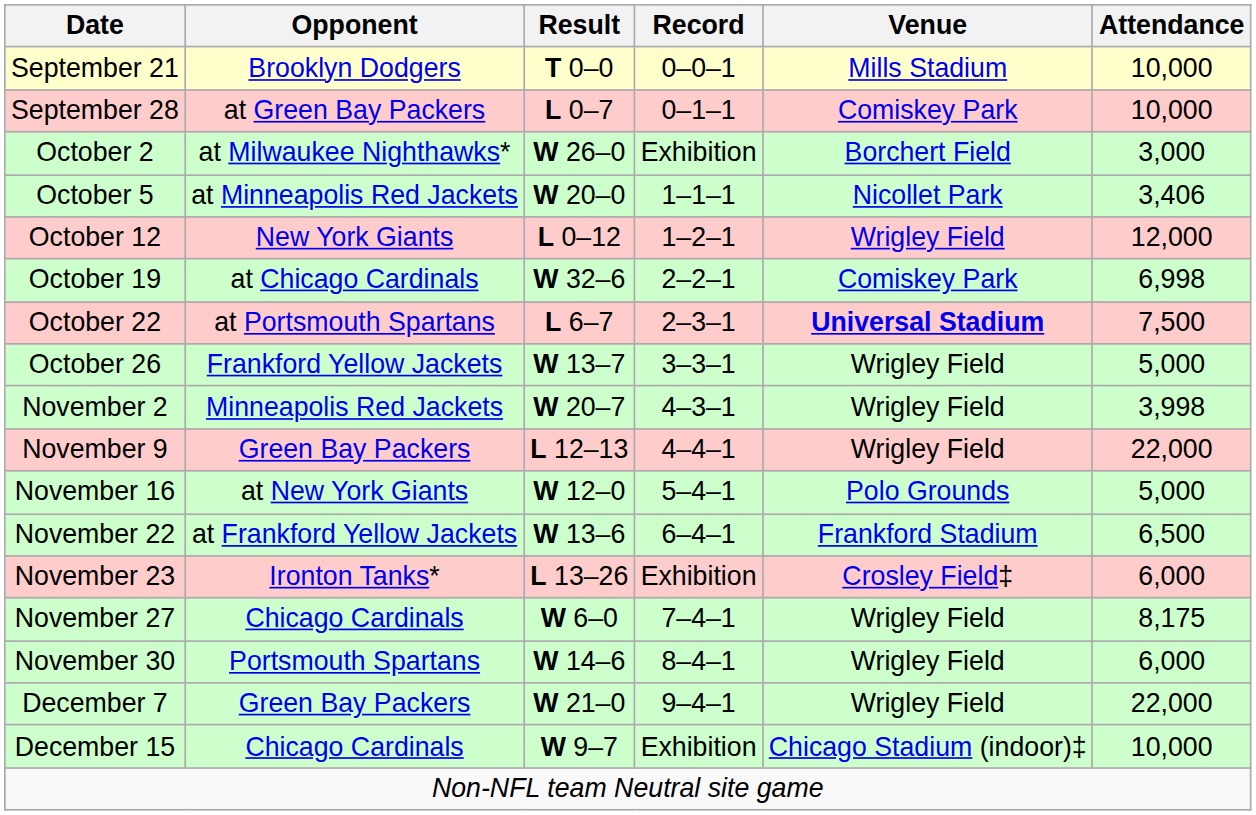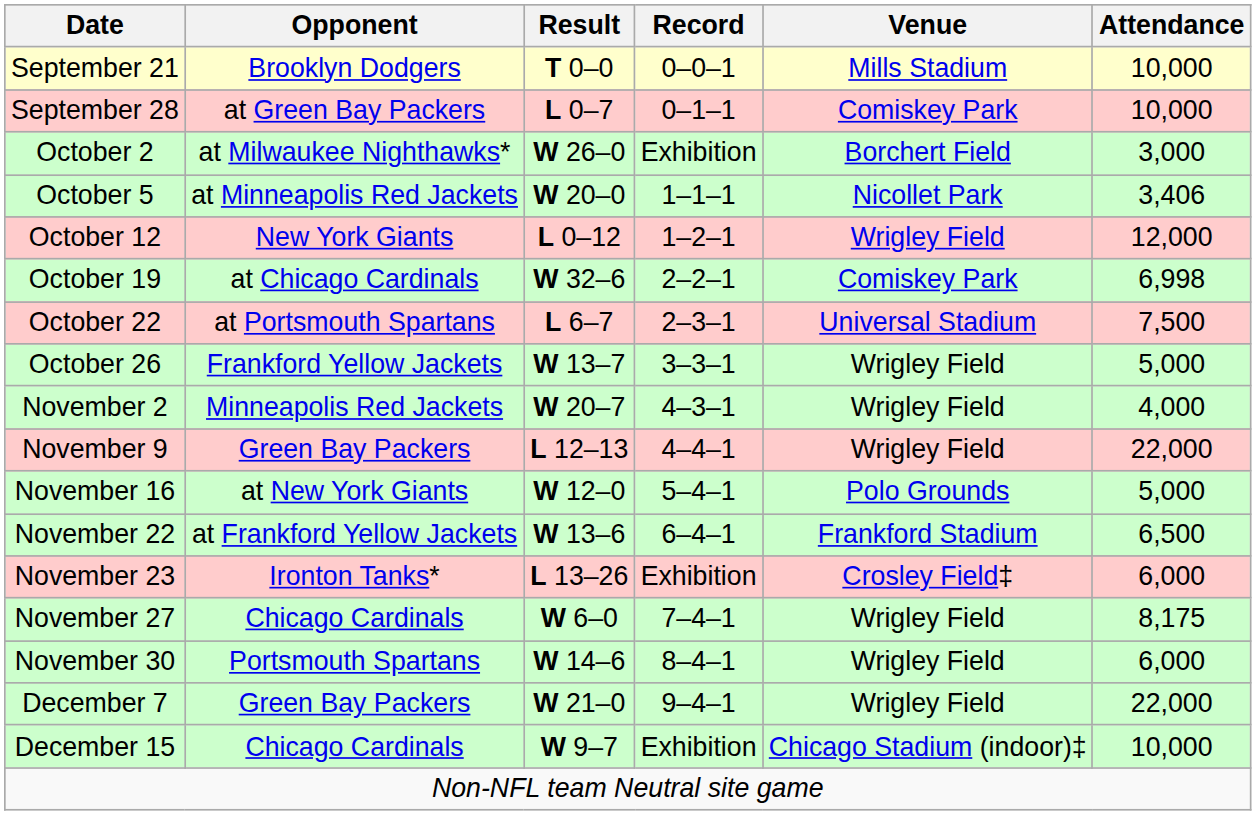 <table class="wikitable" style="text-align:center">
 <tr>
 <th>Date</th>
 <th>Opponent</th>
 <th>Result</th>
 <th>Record</th>
 <th>Venue</th>
 <th>Attendance</th>
 </tr>
 <tr style="background:#ffc">
 <td>September 21</td>
 <td><a href='#'>Brooklyn Dodgers</a></td>
 <td><strong>T</strong> 0–0</td>
 <td>0–0–1</td>
 <td><a href='#'>Mills Stadium</a></td>
 <td>10,000</td>
 </tr>
 <tr style="background:#fcc">
 <td>September 28</td>
 <td>at <a href='#'>Green Bay Packers</a></td>
 <td><strong>L</strong> 0–7</td>
 <td>0–1–1</td>
 <td><a href='#'>Comiskey Park</a></td>
 <td>10,000</td>
 </tr>
 <tr style="background:#cfc">
 <td>October 2</td>
 <td>at <a href='#'>Milwaukee Nighthawks</a>*</td>
 <td><strong>W</strong> 26–0</td>
 <td>Exhibition</td>
 <td><a href='#'>Borchert Field</a></td>
 <td>3,000</td>
 </tr>
 <tr style="background:#cfc">
 <td>October 5</td>
 <td>at <a href='#'>Minneapolis Red Jackets</a></td>
 <td><strong>W</strong> 20–0</td>
 <td>1–1–1</td>
 <td><a href='#'>Nicollet Park</a></td>
 <td>3,406</td>
 </tr>
 <tr style="background:#fcc">
 <td>October 12</td>
 <td><a href='#'>New York Giants</a></td>
 <td><strong>L</strong> 0–12</td>
 <td>1–2–1</td>
 <td><a href='#'>Wrigley Field</a></td>
 <td>12,000</td>
 </tr>
 <tr style="background:#cfc">
 <td>October 19</td>
 <td>at <a href='#'>Chicago Cardinals</a></td>
 <td><strong>W</strong> 32–6</td>
 <td>2–2–1</td>
 <td><a href='#'>Comiskey Park</a></td>
 <td>6,998</td>
 </tr>
 <tr style="background:#fcc">
 <td>October 22</td>
 <td>at <a href='#'>Portsmouth Spartans</a></td>
 <td><strong>L</strong> 6–7</td>
 <td>2–3–1</td>
-<td><strong><a href='#'>Universal Stadium</a></strong></td>
+<td><a href='#'>Universal Stadium</a></td>
 <td>7,500</td>
 </tr>
 <tr style="background:#cfc">
 <td>October 26</td>
 <td><a href='#'>Frankford Yellow Jackets</a></td>
 <td><strong>W</strong> 13–7</td>
 <td>3–3–1</td>
 <td>Wrigley Field</td>
 <td>5,000</td>
 </tr>
 <tr style="background:#cfc">
 <td>November 2</td>
 <td><a href='#'>Minneapolis Red Jackets</a></td>
 <td><strong>W</strong> 20–7</td>
 <td>4–3–1</td>
 <td>Wrigley Field</td>
-<td>3,998</td>
+<td>4,000</td>
 </tr>
 <tr style="background:#fcc">
 <td>November 9</td>
 <td><a href='#'>Green Bay Packers</a></td>
 <td><strong>L</strong> 12–13</td>
 <td>4–4–1</td>
 <td>Wrigley Field</td>
 <td>22,000</td>
 </tr>
 <tr style="background:#cfc">
 <td>November 16</td>
 <td>at <a href='#'>New York Giants</a></td>
 <td><strong>W</strong> 12–0</td>
 <td>5–4–1</td>
 <td><a href='#'>Polo Grounds</a></td>
 <td>5,000</td>
 </tr>
 <tr style="background:#cfc">
 <td>November 22</td>
 <td>at <a href='#'>Frankford Yellow Jackets</a></td>
 <td><strong>W</strong> 13–6</td>
 <td>6–4–1</td>
 <td><a href='#'>Frankford Stadium</a></td>
 <td>6,500</td>
 </tr>
 <tr style="background:#fcc">
 <td>November 23</td>
 <td><a href='#'>Ironton Tanks</a>*</td>
 <td><strong>L</strong> 13–26</td>
 <td>Exhibition</td>
 <td><a href='#'>Crosley Field</a>‡</td>
 <td>6,000</td>
 </tr>
 <tr style="background:#cfc">
 <td>November 27</td>
 <td><a href='#'>Chicago Cardinals</a></td>
 <td><strong>W</strong> 6–0</td>
 <td>7–4–1</td>
 <td>Wrigley Field</td>
 <td>8,175</td>
 </tr>
 <tr style="background:#cfc">
 <td>November 30</td>
 <td><a href='#'>Portsmouth Spartans</a></td>
 <td><strong>W</strong> 14–6</td>
 <td>8–4–1</td>
 <td>Wrigley Field</td>
 <td>6,000</td>
 </tr>
 <tr style="background:#cfc">
 <td>December 7</td>
 <td><a href='#'>Green Bay Packers</a></td>
 <td><strong>W</strong> 21–0</td>
 <td>9–4–1</td>
 <td>Wrigley Field</td>
 <td>22,000</td>
 </tr>
 <tr style="background:#cfc">
 <td>December 15</td>
 <td><a href='#'>Chicago Cardinals</a></td>
 <td><strong>W</strong> 9–7</td>
 <td>Exhibition</td>
 <td><a href='#'>Chicago Stadium</a> (indoor)‡</td>
 <td>10,000</td>
 </tr>
 <tr>
 <td colspan="8"><em> Non-NFL team</em> <em> Neutral site game</em></td>
 </tr>
 </table>
